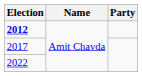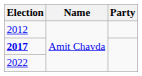 <table class ="wikitable sortable">
 <tr>
 <th>Election</th>
 <th>Name</th>
 <th colspan=2>Party</th>
 </tr>
 <tr>
-<td><strong><a href='#'>2012</a></strong></td>
+<td><a href='#'>2012</a></td>
 <td rowspan="3"><a href='#'>Amit Chavda</a></td>
 <td></td>
 </tr>
 <tr>
-<td><a href='#'>2017</a></td>
+<td><strong><a href='#'>2017</a></strong></td>
 </tr>
 <tr>
 <td><a href='#'>2022</a></td>
 </tr>
 </table>
